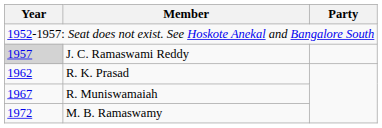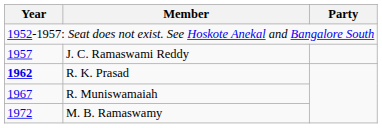 <table class="wikitable sortable">
 <tr>
 <th>Year</th>
 <th>Member</th>
 <th colspan="2">Party</th>
 </tr>
 <tr>
 <td colspan="4" align="center"><a href='#'>1952</a>-1957: <em>Seat does not exist. See <a href='#'>Hoskote Anekal</a> and <a href='#'>Bangalore South</a></em></td>
 </tr>
 <tr>
-<td style="background: lightgrey;"><a href='#'>1957</a></td>
+<td><a href='#'>1957</a></td>
 <td>J. C. Ramaswami Reddy</td>
 <td></td>
 </tr>
 <tr>
-<td><a href='#'>1962</a></td>
+<td><strong><a href='#'>1962</a></strong></td>
 <td>R. K. Prasad</td>
 </tr>
 <tr>
 <td><a href='#'>1967</a></td>
 <td>R. Muniswamaiah</td>
 </tr>
 <tr>
 <td><a href='#'>1972</a></td>
 <td>M. B. Ramaswamy</td>
 </tr>
 </table>
